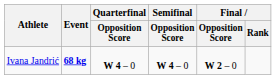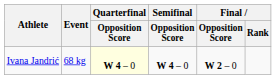 <table class="wikitable" style="font-size:90%">
 <tr>
 <th rowspan="2">Athlete</th>
 <th rowspan="2">Event</th>
 <th>Quarterfinal</th>
 <th>Semifinal</th>
 <th colspan=2>Final / </th>
 </tr>
 <tr style="font-size:95%">
 <th>Opposition <br> Score</th>
 <th>Opposition <br> Score</th>
 <th>Opposition <br> Score</th>
 <th>Rank</th>
 </tr>
 <tr align=center>
 <td align=left><a href='#'>Ivana Jandrić</a></td>
-<td align=left><strong><a href='#'>68 kg</a></strong></td>
-<td> <br> <strong>W</strong> <strong>4</strong> – 0</td>
+<td align=left><a href='#'>68 kg</a></td>
+<td style="background: lightyellow;"> <br> <strong>W</strong> <strong>4</strong> – 0</td>
 <td> <br> <strong>W</strong> <strong>4</strong> – 0</td>
 <td> <br> <strong>W</strong> <strong>2</strong> – 0</td>
 <td></td>
 </tr>
 </table>
